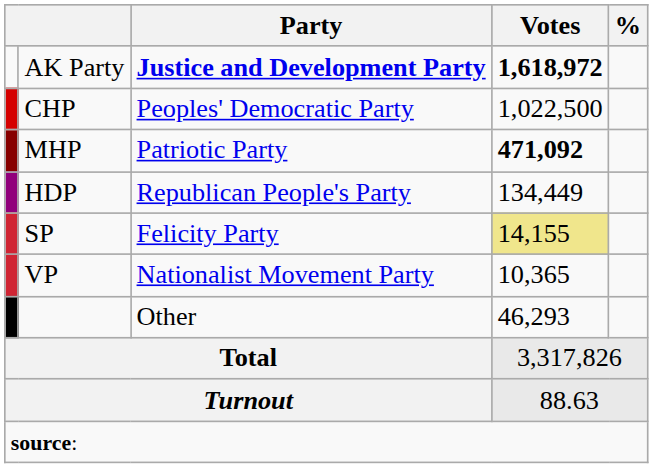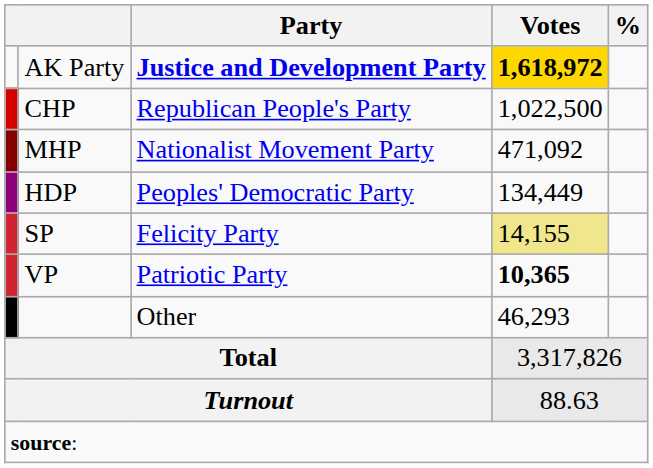 <table class="wikitable">
 <tr>
 <th colspan="2" align="center"></th>
 <th align="center">Party</th>
 <th align="center">Votes</th>
 <th align="center">%</th>
 </tr>
 <tr align="left">
 <td></td>
 <td>AK Party</td>
 <td><strong><a href='#'>Justice and Development Party</a></strong></td>
-<td><strong>1,618,972</strong></td>
+<td style="background: gold;"><strong>1,618,972</strong></td>
 <td><strong></strong></td>
 </tr>
 <tr align="left">
 <td bgcolor="#d50000" width="1"></td>
 <td>CHP</td>
-<td><a href='#'>Peoples' Democratic Party</a></td>
+<td><a href='#'>Republican People's Party</a></td>
 <td>1,022,500</td>
 <td></td>
 </tr>
 <tr align="left">
 <td bgcolor="#870000" width="1"></td>
 <td>MHP</td>
-<td><a href='#'>Patriotic Party</a></td>
-<td><strong>471,092</strong></td>
+<td><a href='#'>Nationalist Movement Party</a></td>
+<td>471,092</td>
 <td></td>
 </tr>
 <tr align="left">
 <td bgcolor="#91007B" width="1"></td>
 <td>HDP</td>
-<td><a href='#'>Republican People's Party</a></td>
+<td><a href='#'>Peoples' Democratic Party</a></td>
 <td>134,449</td>
 <td></td>
 </tr>
 <tr align="left">
 <td bgcolor="#D02433" width="1"></td>
 <td>SP</td>
 <td><a href='#'>Felicity Party</a></td>
 <td style="background: khaki;">14,155</td>
 <td></td>
 </tr>
 <tr align="left">
 <td bgcolor="#D02433" width="1"></td>
 <td>VP</td>
-<td><a href='#'>Nationalist Movement Party</a></td>
-<td>10,365</td>
+<td><a href='#'>Patriotic Party</a></td>
+<td><strong>10,365</strong></td>
 <td></td>
 </tr>
 <tr align="left">
 <td bgcolor=" " width="1"></td>
 <td></td>
 <td>Other</td>
 <td>46,293</td>
 <td></td>
 </tr>
 <tr align="left" style="background-color:#E9E9E9">
 <th colspan="3" align="center"><strong>Total</strong></th>
 <td colspan="5" align="center">3,317,826</td>
 </tr>
 <tr align="left" style="background-color:#E9E9E9">
 <th colspan="3" align="center"><em>Turnout</em></th>
 <td colspan="5" align="center">88.63</td>
 </tr>
 <tr>
 <td colspan="9" align="left"><small><strong>source</strong>: </small></td>
 </tr>
 </table>
